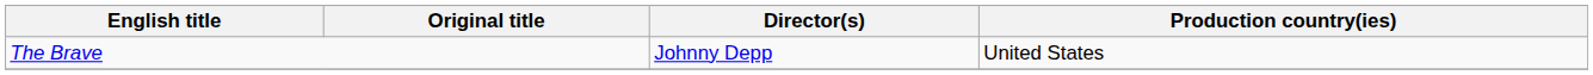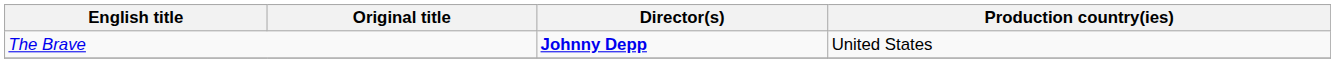 <table class="sortable wikitable" style="width:100%; margin-bottom:4px" cellpadding="5">
 <tr>
 <th scope="col">English title</th>
 <th scope="col">Original title</th>
 <th scope="col">Director(s)</th>
 <th scope="col">Production country(ies)</th>
 </tr>
 <tr>
 <td colspan=2><em><a href='#'>The Brave</a></em></td>
-<td><a href='#'>Johnny Depp</a></td>
+<td><strong><a href='#'>Johnny Depp</a></strong></td>
 <td>United States</td>
 </tr>
 <tr>
 </tr>
 </table>
